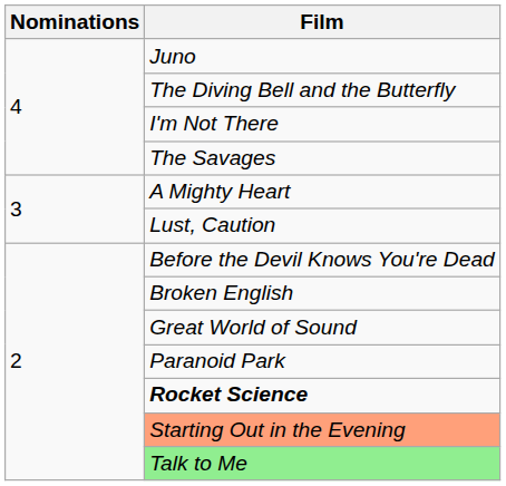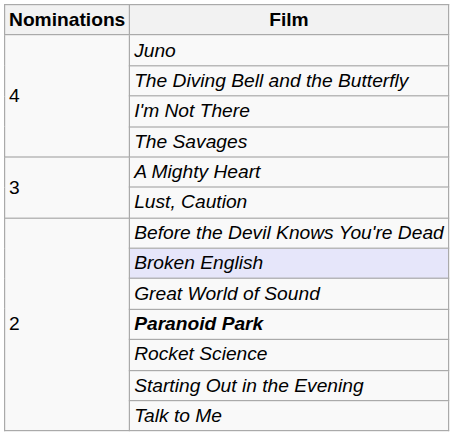 <table class="wikitable">
 <tr>
 <th>Nominations</th>
 <th>Film</th>
 </tr>
 <tr>
 <td rowspan="4">4</td>
 <td><em>Juno</em></td>
 </tr>
 <tr>
 <td><em>The Diving Bell and the Butterfly</em></td>
 </tr>
 <tr>
 <td><em>I'm Not There</em></td>
 </tr>
 <tr>
 <td><em>The Savages</em></td>
 </tr>
 <tr>
 <td rowspan="2">3</td>
 <td><em>A Mighty Heart</em></td>
 </tr>
 <tr>
 <td><em>Lust, Caution</em></td>
 </tr>
 <tr>
 <td rowspan="7">2</td>
 <td><em>Before the Devil Knows You're Dead</em></td>
 </tr>
 <tr>
-<td><em>Broken English</em></td>
+<td style="background: lavender;"><em>Broken English</em></td>
 </tr>
 <tr>
 <td><em>Great World of Sound</em></td>
 </tr>
 <tr>
-<td><em>Paranoid Park</em></td>
+<td><strong><em>Paranoid Park</em></strong></td>
 </tr>
 <tr>
-<td><strong><em>Rocket Science</em></strong></td>
+<td><em>Rocket Science</em></td>
 </tr>
 <tr>
-<td style="background: lightsalmon;"><em>Starting Out in the Evening</em></td>
+<td><em>Starting Out in the Evening</em></td>
 </tr>
 <tr>
-<td style="background: lightgreen;"><em>Talk to Me</em></td>
+<td><em>Talk to Me</em></td>
 </tr>
 </table>
